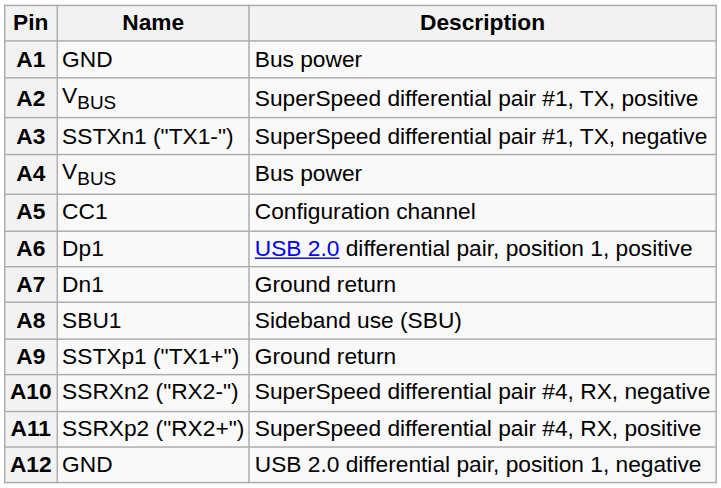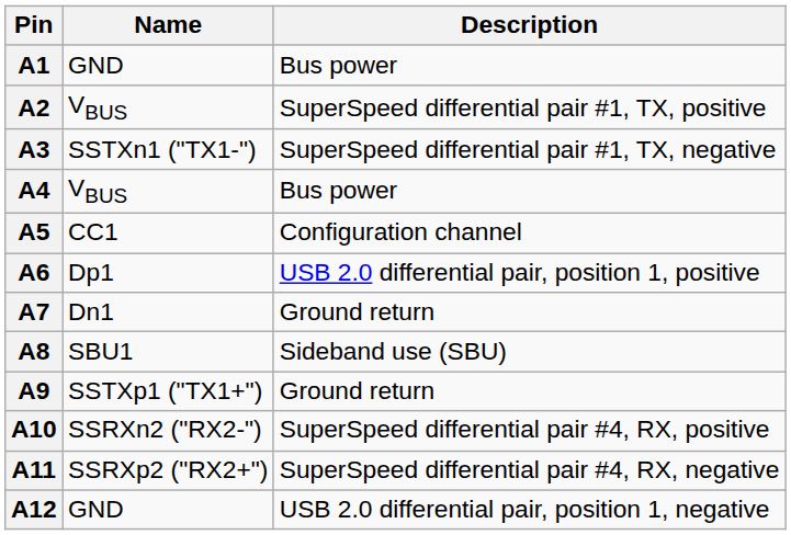 <table class="wikitable" style="display: inline-table;">
 <tr>
 <th scope="col">Pin</th>
 <th scope="col">Name</th>
 <th scope="col">Description</th>
 </tr>
 <tr>
 <th scope="row">A1</th>
 <td>GND</td>
 <td>Bus power</td>
 </tr>
 <tr>
 <th scope="row">A2</th>
 <td>V<sub>BUS</sub></td>
 <td>SuperSpeed differential pair #1, TX, positive</td>
 </tr>
 <tr>
 <th scope="row">A3</th>
 <td>SSTXn1 ("TX1-")</td>
 <td>SuperSpeed differential pair #1, TX, negative</td>
 </tr>
 <tr>
 <th scope="row">A4</th>
 <td>V<sub>BUS</sub></td>
 <td>Bus power</td>
 </tr>
 <tr>
 <th scope="row">A5</th>
 <td>CC1</td>
 <td>Configuration channel</td>
 </tr>
 <tr>
 <th scope="row">A6</th>
 <td>Dp1</td>
 <td><a href='#'>USB 2.0</a> differential pair, position 1, positive</td>
 </tr>
 <tr>
 <th scope="row">A7</th>
 <td>Dn1</td>
 <td>Ground return</td>
 </tr>
 <tr>
 <th scope="row">A8</th>
 <td>SBU1</td>
 <td>Sideband use (SBU)</td>
 </tr>
 <tr>
 <th scope="row">A9</th>
 <td>SSTXp1 ("TX1+")</td>
 <td>Ground return</td>
 </tr>
 <tr>
 <th scope="row">A10</th>
 <td>SSRXn2 ("RX2-")</td>
-<td>SuperSpeed differential pair #4, RX, negative</td>
+<td>SuperSpeed differential pair #4, RX, positive</td>
 </tr>
 <tr>
 <th scope="row">A11</th>
 <td>SSRXp2 ("RX2+")</td>
-<td>SuperSpeed differential pair #4, RX, positive</td>
+<td>SuperSpeed differential pair #4, RX, negative</td>
 </tr>
 <tr>
 <th scope="row">A12</th>
 <td>GND</td>
 <td>USB 2.0 differential pair, position 1, negative</td>
 </tr>
 </table>
